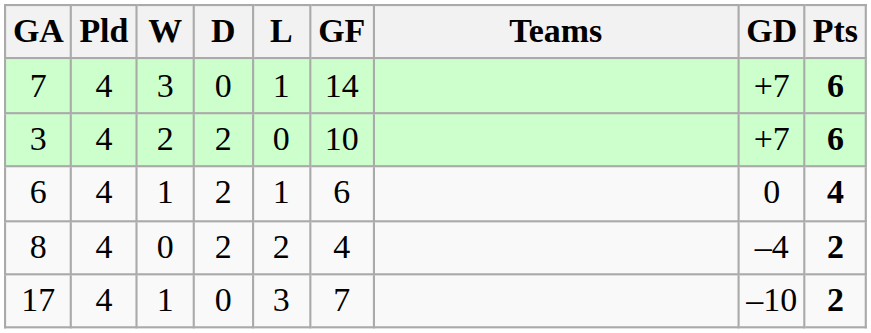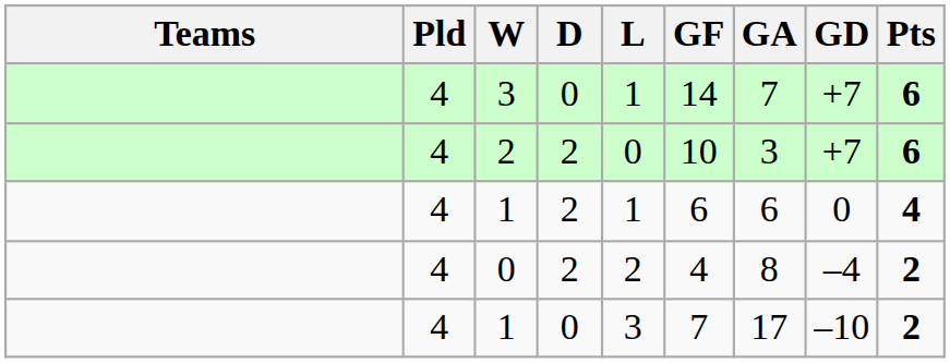 <table class="wikitable" style="text-align: center;">
 <tr>
-<th width=20>GA</th>
+<th width=165>Teams</th>
 <th width=20>Pld</th>
 <th width=20>W</th>
 <th width=20>D</th>
 <th width=20>L</th>
 <th width=20>GF</th>
-<th width=165>Teams</th>
+<th width=20>GA</th>
 <th width=20>GD</th>
 <th width=20>Pts</th>
 </tr>
 <tr style="text-align:center; background:#cfc;">
-<td>7</td>
+<td style="text-align:left;"></td>
 <td>4</td>
 <td>3</td>
 <td>0</td>
 <td>1</td>
 <td>14</td>
-<td style="text-align:left;"></td>
+<td>7</td>
 <td>+7</td>
 <td><strong>6</strong></td>
 </tr>
 <tr style="text-align:center; background:#cfc;">
-<td>3</td>
+<td style="text-align:left;"></td>
 <td>4</td>
 <td>2</td>
 <td>2</td>
 <td>0</td>
 <td>10</td>
-<td style="text-align:left;"></td>
+<td>3</td>
 <td>+7</td>
 <td><strong>6</strong></td>
 </tr>
 <tr align=center>
-<td>6</td>
+<td style="text-align:left;"></td>
 <td>4</td>
 <td>1</td>
 <td>2</td>
 <td>1</td>
 <td>6</td>
-<td style="text-align:left;"></td>
+<td>6</td>
 <td>0</td>
 <td><strong>4</strong></td>
 </tr>
 <tr align=center>
-<td>8</td>
+<td style="text-align:left;"></td>
 <td>4</td>
 <td>0</td>
 <td>2</td>
 <td>2</td>
 <td>4</td>
-<td style="text-align:left;"></td>
+<td>8</td>
 <td>–4</td>
 <td><strong>2</strong></td>
 </tr>
 <tr align=center>
-<td>17</td>
+<td style="text-align:left;"></td>
 <td>4</td>
 <td>1</td>
 <td>0</td>
 <td>3</td>
 <td>7</td>
-<td style="text-align:left;"></td>
+<td>17</td>
 <td>–10</td>
 <td><strong>2</strong></td>
 </tr>
 </table>
